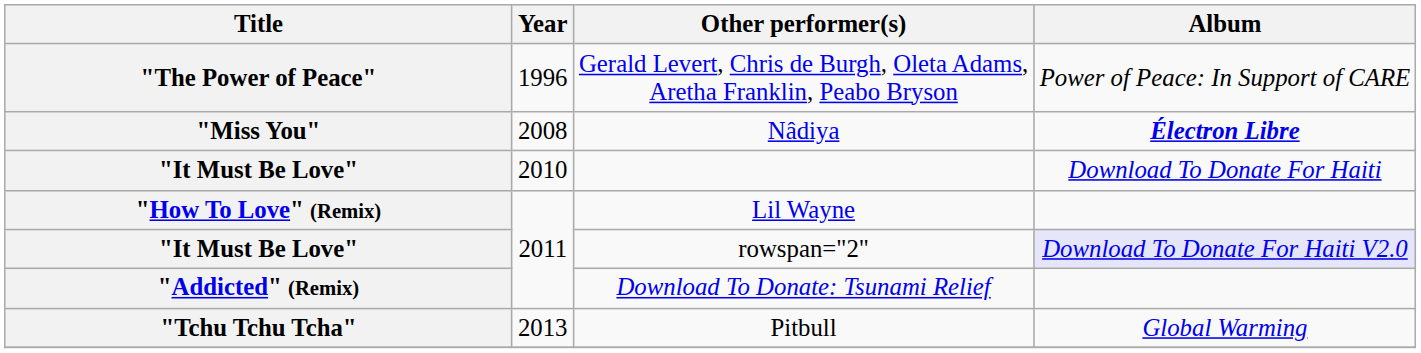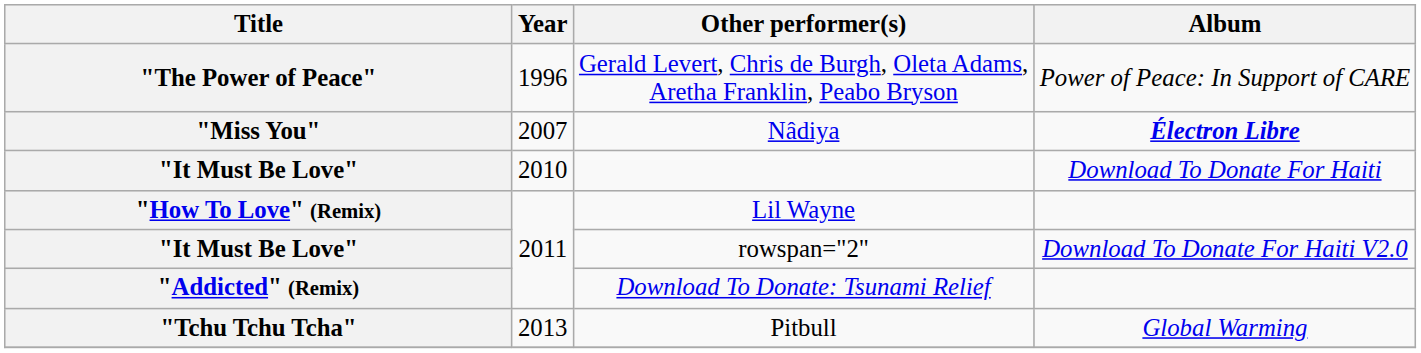 <table class="wikitable plainrowheaders" style="text-align:center;">
 <tr>
 <th scope="col" style="width:20em;">Title</th>
 <th scope="col">Year</th>
 <th scope="col">Other performer(s)</th>
 <th scope="col">Album</th>
 </tr>
 <tr>
 <th scope="row">"The Power of Peace"</th>
 <td>1996</td>
 <td><a href='#'>Gerald Levert</a>, <a href='#'>Chris de Burgh</a>, <a href='#'>Oleta Adams</a>,<br><a href='#'>Aretha Franklin</a>, <a href='#'>Peabo Bryson</a></td>
 <td><em>Power of Peace: In Support of CARE</em></td>
 </tr>
 <tr>
 <th scope="row">"Miss You"</th>
-<td>2008</td>
+<td>2007</td>
 <td><a href='#'>Nâdiya</a></td>
 <td><strong><em><a href='#'>Électron Libre</a></em></strong></td>
 </tr>
 <tr>
 <th scope="row">"It Must Be Love"</th>
 <td>2010</td>
 <td></td>
 <td><em><a href='#'>Download To Donate For Haiti</a></em></td>
 </tr>
 <tr>
 <th scope="row">"<a href='#'>How To Love</a>" <small>(Remix)</small></th>
 <td rowspan=3>2011</td>
 <td><a href='#'>Lil Wayne</a></td>
 <td></td>
 </tr>
 <tr>
 <th scope="row">"It Must Be Love"</th>
 <td>rowspan="2" </td>
-<td style="background: lavender;"><em><a href='#'>Download To Donate For Haiti V2.0</a></em></td>
+<td><em><a href='#'>Download To Donate For Haiti V2.0</a></em></td>
 </tr>
 <tr>
 <th scope="row">"<a href='#'>Addicted</a>" <small>(Remix)</small></th>
 <td><em><a href='#'>Download To Donate: Tsunami Relief</a></em></td>
 </tr>
 <tr>
 <th scope="row">"Tchu Tchu Tcha"</th>
 <td>2013</td>
 <td>Pitbull</td>
 <td><em><a href='#'>Global Warming</a></em></td>
 </tr>
 <tr>
 </tr>
 </table>
